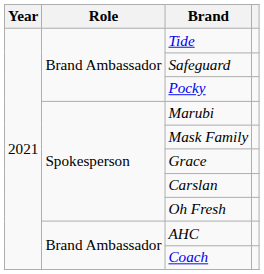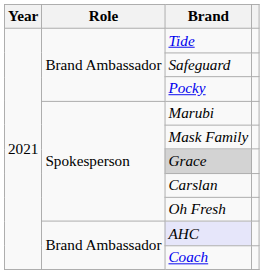 <table class="wikitable">
 <tr>
 <th>Year</th>
 <th>Role</th>
 <th>Brand</th>
 <th class="unsortable"></th>
 </tr>
 <tr>
 <td rowspan="10">2021</td>
 <td rowspan="3">Brand Ambassador</td>
 <td><em><a href='#'>Tide</a></em></td>
 <td></td>
 </tr>
 <tr>
 <td><em>Safeguard</em></td>
 <td></td>
 </tr>
 <tr>
 <td><em><a href='#'>Pocky</a></em></td>
 <td></td>
 </tr>
 <tr>
 <td rowspan="5">Spokesperson</td>
 <td><em>Marubi</em></td>
 <td></td>
 </tr>
 <tr>
 <td><em>Mask Family</em></td>
 <td></td>
 </tr>
 <tr>
-<td><em>Grace</em></td>
+<td style="background: lightgrey;"><em>Grace</em></td>
 <td></td>
 </tr>
 <tr>
 <td><em>Carslan</em></td>
 <td></td>
 </tr>
 <tr>
 <td><em>Oh Fresh</em></td>
 <td></td>
 </tr>
 <tr>
 <td rowspan="3">Brand Ambassador</td>
-<td><em>AHC</em></td>
+<td style="background: lavender;"><em>AHC</em></td>
 <td></td>
 </tr>
 <tr>
 <td><em><a href='#'>Coach</a></em></td>
 <td></td>
 </tr>
 </table>
